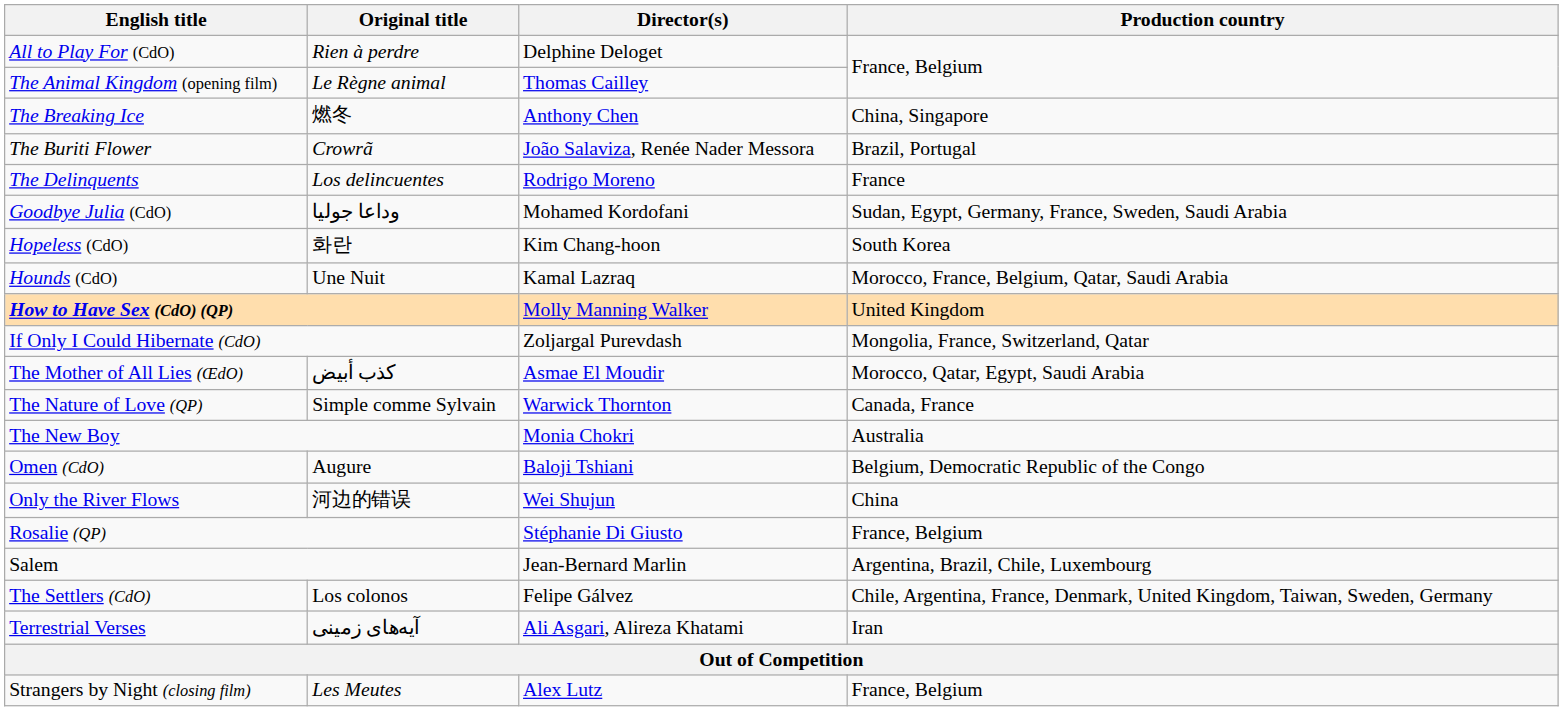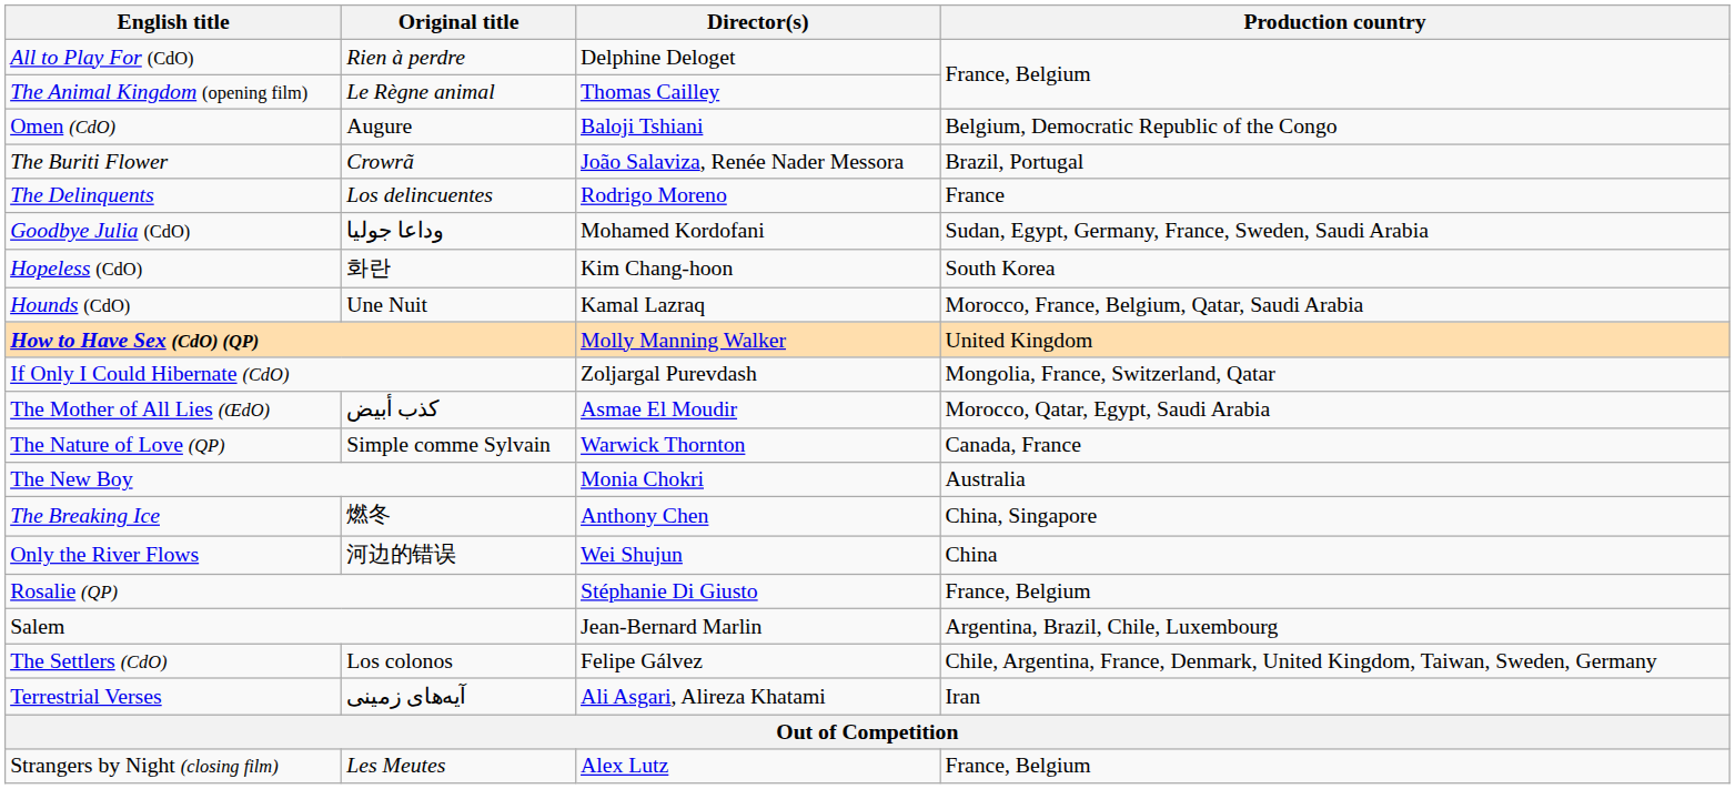 <table class="wikitable" style="width:100%; margin-bottom:4px">
 <tr>
 <th>English title</th>
 <th>Original title</th>
 <th>Director(s)</th>
 <th>Production country</th>
 </tr>
 <tr>
 <td><em><a href='#'>All to Play For</a></em> <small>(CdO)</small></td>
 <td><em>Rien à perdre</em></td>
 <td>Delphine Deloget</td>
 <td rowspan="2">France, Belgium</td>
 </tr>
 <tr>
 <td><em><a href='#'>The Animal Kingdom</a></em> <small>(opening film)</small></td>
 <td><em>Le Règne animal</em></td>
 <td><a href='#'>Thomas Cailley</a></td>
 </tr>
 <tr>
-<td><em><a href='#'>The Breaking Ice</a></em></td>
-<td>燃冬</td>
-<td><a href='#'>Anthony Chen</a></td>
-<td>China, Singapore</td>
+<td></em><a href='#'>Omen</a><em> <small>(CdO)</small></td>
+<td></em>Augure<em></td>
+<td><a href='#'>Baloji Tshiani</a></td>
+<td>Belgium, Democratic Republic of the Congo</td>
 </tr>
 <tr>
 <td><em>The Buriti Flower</em></td>
 <td><em>Crowrã</em></td>
 <td><a href='#'>João Salaviza</a>, Renée Nader Messora</td>
 <td>Brazil, Portugal</td>
 </tr>
 <tr>
 <td><em><a href='#'>The Delinquents</a></em></td>
 <td><em>Los delincuentes</em></td>
 <td><a href='#'>Rodrigo Moreno</a></td>
 <td>France</td>
 </tr>
 <tr>
 <td><em><a href='#'>Goodbye Julia</a></em> <small>(CdO)</small></td>
 <td>وداعا جوليا</td>
 <td>Mohamed Kordofani</td>
 <td>Sudan, Egypt, Germany, France, Sweden, Saudi Arabia</td>
 </tr>
 <tr>
 <td><em><a href='#'>Hopeless</a></em> <small>(CdO)</small></td>
 <td>화란</td>
 <td>Kim Chang-hoon</td>
 <td>South Korea</td>
 </tr>
 <tr>
 <td><em><a href='#'>Hounds</a></em> <small>(CdO)</small></td>
 <td></em>Une Nuit<em></td>
 <td>Kamal Lazraq</td>
 <td>Morocco, France, Belgium, Qatar, Saudi Arabia</td>
 </tr>
 <tr style="background:#FFDEAD;">
 <td colspan=2><strong><em><a href='#'>How to Have Sex</a><em> <small>(CdO) (QP)</small><strong></td>
 <td></strong><a href='#'>Molly Manning Walker</a><strong></td>
 <td></strong>United Kingdom<strong></td>
 </tr>
 <tr>
 <td colspan=2></em><a href='#'>If Only I Could Hibernate</a><em> <small>(CdO)</small></td>
 <td>Zoljargal Purevdash</td>
 <td>Mongolia, France, Switzerland, Qatar</td>
 </tr>
 <tr>
 <td></em><a href='#'>The Mother of All Lies</a><em> <small>(ŒdO)</small></td>
 <td>كذب أبيض</td>
 <td><a href='#'>Asmae El Moudir</a></td>
 <td>Morocco, Qatar, Egypt, Saudi Arabia</td>
 </tr>
 <tr>
 <td></em><a href='#'>The Nature of Love</a><em> <small>(QP)</small></td>
 <td></em>Simple comme Sylvain<em></td>
 <td><a href='#'>Warwick Thornton</a></td>
 <td>Canada, France</td>
 </tr>
 <tr>
 <td colspan=2></em><a href='#'>The New Boy</a><em></td>
 <td><a href='#'>Monia Chokri</a></td>
 <td>Australia</td>
 </tr>
 <tr>
-<td></em><a href='#'>Omen</a><em> <small>(CdO)</small></td>
-<td></em>Augure<em></td>
-<td><a href='#'>Baloji Tshiani</a></td>
-<td>Belgium, Democratic Republic of the Congo</td>
+<td><em><a href='#'>The Breaking Ice</a></em></td>
+<td>燃冬</td>
+<td><a href='#'>Anthony Chen</a></td>
+<td>China, Singapore</td>
 </tr>
 <tr>
 <td></em><a href='#'>Only the River Flows</a><em></td>
 <td>河边的错误</td>
 <td><a href='#'>Wei Shujun</a></td>
 <td>China</td>
 </tr>
 <tr>
 <td colspan=2></em><a href='#'>Rosalie</a><em> <small>(QP)</small></td>
 <td><a href='#'>Stéphanie Di Giusto</a></td>
 <td>France, Belgium</td>
 </tr>
 <tr>
 <td colspan=2></em>Salem<em></td>
 <td>Jean-Bernard Marlin</td>
 <td>Argentina, Brazil, Chile, Luxembourg</td>
 </tr>
 <tr>
 <td></em><a href='#'>The Settlers</a><em> <small>(CdO)</small></td>
 <td></em>Los colonos<em></td>
 <td>Felipe Gálvez</td>
 <td>Chile, Argentina, France, Denmark, United Kingdom, Taiwan, Sweden, Germany</td>
 </tr>
 <tr>
 <td></em><a href='#'>Terrestrial Verses</a><em></td>
 <td>آیه‌های زمینی</td>
 <td><a href='#'>Ali Asgari</a>, Alireza Khatami</td>
 <td>Iran</td>
 </tr>
 <tr>
 <th colspan="4">Out of Competition</th>
 </tr>
 <tr>
 <td></em>Strangers by Night<em> <small>(closing film)</small></td>
 <td><em>Les Meutes</em></td>
 <td><a href='#'>Alex Lutz</a></td>
 <td>France, Belgium</td>
 </tr>
 </table>
